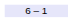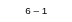 <table style="text-align:center">
 <tr>
 <th width=200></th>
 <th width=100></th>
 <th width=200></th>
 </tr>
 <tr>
 <td align=right><strong></strong></td>
-<td style="background: lavender;">6 – 1</td>
+<td>6 – 1</td>
 <td align=left></td>
 </tr>
 </table>
